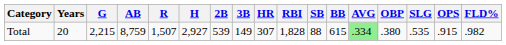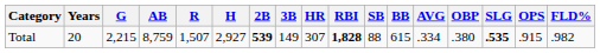 <table class="wikitable">
 <tr>
 <th>Category</th>
 <th>Years</th>
 <th><a href='#'>G</a></th>
 <th><a href='#'>AB</a></th>
 <th><a href='#'>R</a></th>
 <th><a href='#'>H</a></th>
 <th><a href='#'>2B</a></th>
 <th><a href='#'>3B</a></th>
 <th><a href='#'>HR</a></th>
 <th><a href='#'>RBI</a></th>
 <th><a href='#'>SB</a></th>
 <th><a href='#'>BB</a></th>
 <th><a href='#'>AVG</a></th>
 <th><a href='#'>OBP</a></th>
 <th><a href='#'>SLG</a></th>
 <th><a href='#'>OPS</a></th>
 <th><a href='#'>FLD%</a></th>
 </tr>
 <tr>
 <td>Total</td>
 <td>20</td>
 <td>2,215</td>
 <td>8,759</td>
 <td>1,507</td>
 <td>2,927</td>
-<td>539</td>
+<td><strong>539</strong></td>
 <td>149</td>
 <td>307</td>
-<td>1,828</td>
+<td><strong>1,828</strong></td>
 <td>88</td>
 <td>615</td>
-<td style="background: lightgreen;">.334</td>
+<td>.334</td>
 <td>.380</td>
-<td>.535</td>
+<td><strong>.535</strong></td>
 <td>.915</td>
 <td>.982</td>
 </tr>
 </table>
